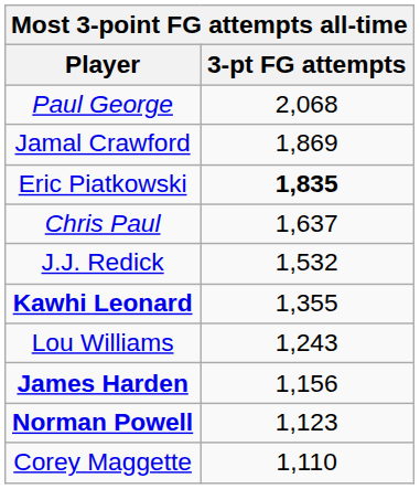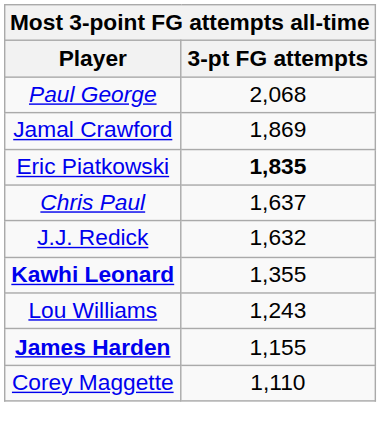 <table class="wikitable sortable" style="text-align:center">
 <tr>
 <th colspan="2">Most 3-point FG attempts all-time</th>
 </tr>
 <tr>
 <th>Player</th>
 <th>3-pt FG attempts</th>
 </tr>
 <tr>
 <td><em><a href='#'>Paul George</a></em></td>
 <td>2,068</td>
 </tr>
 <tr>
 <td><a href='#'>Jamal Crawford</a></td>
 <td>1,869</td>
 </tr>
 <tr>
 <td><a href='#'>Eric Piatkowski</a></td>
 <td><strong>1,835</strong></td>
 </tr>
 <tr>
 <td><em><a href='#'>Chris Paul</a></em></td>
 <td>1,637</td>
 </tr>
 <tr>
 <td><a href='#'>J.J. Redick</a></td>
-<td>1,532</td>
+<td>1,632</td>
 </tr>
 <tr>
 <td><strong><a href='#'>Kawhi Leonard</a></strong></td>
 <td>1,355</td>
 </tr>
 <tr>
 <td><a href='#'>Lou Williams</a></td>
 <td>1,243</td>
 </tr>
 <tr>
 <td><strong><a href='#'>James Harden</a></strong></td>
-<td>1,156</td>
-</tr>
-<tr>
-<td><strong><a href='#'>Norman Powell</a></strong></td>
-<td>1,123</td>
+<td>1,155</td>
 </tr>
 <tr>
 <td><a href='#'>Corey Maggette</a></td>
 <td>1,110</td>
 </tr>
 </table>
